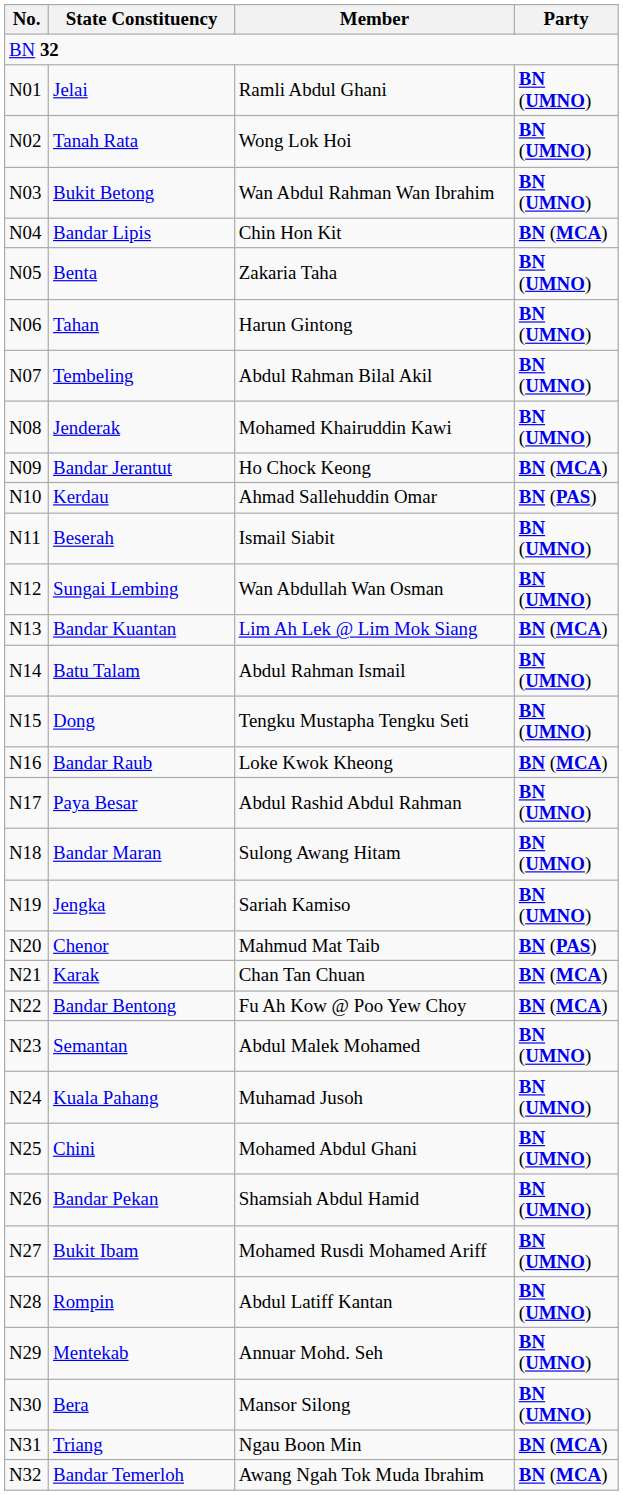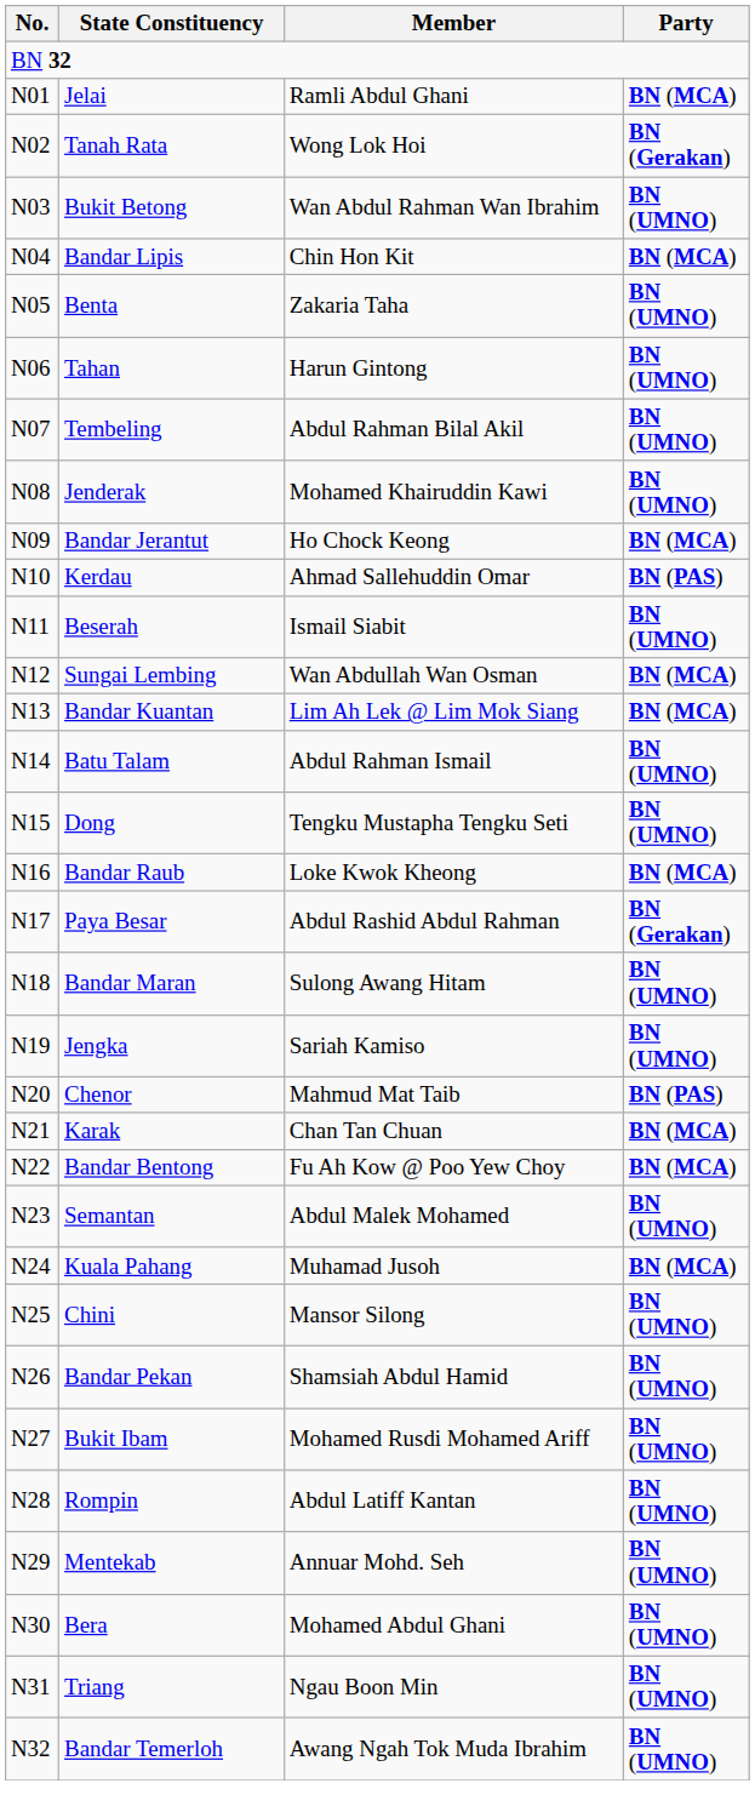 <table class="wikitable sortable">
 <tr>
 <th style="width:30px;">No.</th>
 <th style="width:150px;">State Constituency</th>
 <th style="width:230px;">Member</th>
 <th style="width:80px;">Party</th>
 </tr>
 <tr>
 <td colspan="4"><a href='#'>BN</a> <strong>32</strong></td>
 </tr>
 <tr>
 <td>N01</td>
 <td><a href='#'>Jelai</a></td>
 <td>Ramli Abdul Ghani</td>
-<td><strong><a href='#'>BN</a></strong> (<strong><a href='#'>UMNO</a></strong>)</td>
+<td><strong><a href='#'>BN</a></strong> (<strong><a href='#'>MCA</a></strong>)</td>
 </tr>
 <tr>
 <td>N02</td>
 <td><a href='#'>Tanah Rata</a></td>
 <td>Wong Lok Hoi</td>
-<td><strong><a href='#'>BN</a></strong> (<strong><a href='#'>UMNO</a></strong>)</td>
+<td><strong><a href='#'>BN</a></strong> (<strong><a href='#'>Gerakan</a></strong>)</td>
 </tr>
 <tr>
 <td>N03</td>
 <td><a href='#'>Bukit Betong</a></td>
 <td>Wan Abdul Rahman Wan Ibrahim</td>
 <td><strong><a href='#'>BN</a></strong> (<strong><a href='#'>UMNO</a></strong>)</td>
 </tr>
 <tr>
 <td>N04</td>
 <td><a href='#'>Bandar Lipis</a></td>
 <td>Chin Hon Kit</td>
 <td><strong><a href='#'>BN</a></strong> (<strong><a href='#'>MCA</a></strong>)</td>
 </tr>
 <tr>
 <td>N05</td>
 <td><a href='#'>Benta</a></td>
 <td>Zakaria Taha</td>
 <td><strong><a href='#'>BN</a></strong> (<strong><a href='#'>UMNO</a></strong>)</td>
 </tr>
 <tr>
 <td>N06</td>
 <td><a href='#'>Tahan</a></td>
 <td>Harun Gintong</td>
 <td><strong><a href='#'>BN</a></strong> (<strong><a href='#'>UMNO</a></strong>)</td>
 </tr>
 <tr>
 <td>N07</td>
 <td><a href='#'>Tembeling</a></td>
 <td>Abdul Rahman Bilal Akil</td>
 <td><strong><a href='#'>BN</a></strong> (<strong><a href='#'>UMNO</a></strong>)</td>
 </tr>
 <tr>
 <td>N08</td>
 <td><a href='#'>Jenderak</a></td>
 <td>Mohamed Khairuddin Kawi</td>
 <td><strong><a href='#'>BN</a></strong> (<strong><a href='#'>UMNO</a></strong>)</td>
 </tr>
 <tr>
 <td>N09</td>
 <td><a href='#'>Bandar Jerantut</a></td>
 <td>Ho Chock Keong</td>
 <td><strong><a href='#'>BN</a></strong> (<strong><a href='#'>MCA</a></strong>)</td>
 </tr>
 <tr>
 <td>N10</td>
 <td><a href='#'>Kerdau</a></td>
 <td>Ahmad Sallehuddin Omar</td>
 <td><strong><a href='#'>BN</a></strong> (<strong><a href='#'>PAS</a></strong>)</td>
 </tr>
 <tr>
 <td>N11</td>
 <td><a href='#'>Beserah</a></td>
 <td>Ismail Siabit</td>
 <td><strong><a href='#'>BN</a></strong> (<strong><a href='#'>UMNO</a></strong>)</td>
 </tr>
 <tr>
 <td>N12</td>
 <td><a href='#'>Sungai Lembing</a></td>
 <td>Wan Abdullah Wan Osman</td>
-<td><strong><a href='#'>BN</a></strong> (<strong><a href='#'>UMNO</a></strong>)</td>
+<td><strong><a href='#'>BN</a></strong> (<strong><a href='#'>MCA</a></strong>)</td>
 </tr>
 <tr>
 <td>N13</td>
 <td><a href='#'>Bandar Kuantan</a></td>
 <td><a href='#'>Lim Ah Lek @ Lim Mok Siang</a></td>
 <td><strong><a href='#'>BN</a></strong> (<strong><a href='#'>MCA</a></strong>)</td>
 </tr>
 <tr>
 <td>N14</td>
 <td><a href='#'>Batu Talam</a></td>
 <td>Abdul Rahman Ismail</td>
 <td><strong><a href='#'>BN</a></strong> (<strong><a href='#'>UMNO</a></strong>)</td>
 </tr>
 <tr>
 <td>N15</td>
 <td><a href='#'>Dong</a></td>
 <td>Tengku Mustapha Tengku Seti</td>
 <td><strong><a href='#'>BN</a></strong> (<strong><a href='#'>UMNO</a></strong>)</td>
 </tr>
 <tr>
 <td>N16</td>
 <td><a href='#'>Bandar Raub</a></td>
 <td>Loke Kwok Kheong</td>
 <td><strong><a href='#'>BN</a></strong> (<strong><a href='#'>MCA</a></strong>)</td>
 </tr>
 <tr>
 <td>N17</td>
 <td><a href='#'>Paya Besar</a></td>
 <td>Abdul Rashid Abdul Rahman</td>
-<td><strong><a href='#'>BN</a></strong> (<strong><a href='#'>UMNO</a></strong>)</td>
+<td><strong><a href='#'>BN</a></strong> (<strong><a href='#'>Gerakan</a></strong>)</td>
 </tr>
 <tr>
 <td>N18</td>
 <td><a href='#'>Bandar Maran</a></td>
 <td>Sulong Awang Hitam</td>
 <td><strong><a href='#'>BN</a></strong> (<strong><a href='#'>UMNO</a></strong>)</td>
 </tr>
 <tr>
 <td>N19</td>
 <td><a href='#'>Jengka</a></td>
 <td>Sariah Kamiso</td>
 <td><strong><a href='#'>BN</a></strong> (<strong><a href='#'>UMNO</a></strong>)</td>
 </tr>
 <tr>
 <td>N20</td>
 <td><a href='#'>Chenor</a></td>
 <td>Mahmud Mat Taib</td>
 <td><strong><a href='#'>BN</a></strong> (<strong><a href='#'>PAS</a></strong>)</td>
 </tr>
 <tr>
 <td>N21</td>
 <td><a href='#'>Karak</a></td>
 <td>Chan Tan Chuan</td>
 <td><strong><a href='#'>BN</a></strong> (<strong><a href='#'>MCA</a></strong>)</td>
 </tr>
 <tr>
 <td>N22</td>
 <td><a href='#'>Bandar Bentong</a></td>
 <td>Fu Ah Kow @ Poo Yew Choy</td>
 <td><strong><a href='#'>BN</a></strong> (<strong><a href='#'>MCA</a></strong>)</td>
 </tr>
 <tr>
 <td>N23</td>
 <td><a href='#'>Semantan</a></td>
 <td>Abdul Malek Mohamed</td>
 <td><strong><a href='#'>BN</a></strong> (<strong><a href='#'>UMNO</a></strong>)</td>
 </tr>
 <tr>
 <td>N24</td>
 <td><a href='#'>Kuala Pahang</a></td>
 <td>Muhamad Jusoh</td>
-<td><strong><a href='#'>BN</a></strong> (<strong><a href='#'>UMNO</a></strong>)</td>
+<td><strong><a href='#'>BN</a></strong> (<strong><a href='#'>MCA</a></strong>)</td>
 </tr>
 <tr>
 <td>N25</td>
 <td><a href='#'>Chini</a></td>
-<td>Mohamed Abdul Ghani</td>
+<td>Mansor Silong</td>
 <td><strong><a href='#'>BN</a></strong> (<strong><a href='#'>UMNO</a></strong>)</td>
 </tr>
 <tr>
 <td>N26</td>
 <td><a href='#'>Bandar Pekan</a></td>
 <td>Shamsiah Abdul Hamid</td>
 <td><strong><a href='#'>BN</a></strong> (<strong><a href='#'>UMNO</a></strong>)</td>
 </tr>
 <tr>
 <td>N27</td>
 <td><a href='#'>Bukit Ibam</a></td>
 <td>Mohamed Rusdi Mohamed Ariff</td>
 <td><strong><a href='#'>BN</a></strong> (<strong><a href='#'>UMNO</a></strong>)</td>
 </tr>
 <tr>
 <td>N28</td>
 <td><a href='#'>Rompin</a></td>
 <td>Abdul Latiff Kantan</td>
 <td><strong><a href='#'>BN</a></strong> (<strong><a href='#'>UMNO</a></strong>)</td>
 </tr>
 <tr>
 <td>N29</td>
 <td><a href='#'>Mentekab</a></td>
 <td>Annuar Mohd. Seh</td>
 <td><strong><a href='#'>BN</a></strong> (<strong><a href='#'>UMNO</a></strong>)</td>
 </tr>
 <tr>
 <td>N30</td>
 <td><a href='#'>Bera</a></td>
-<td>Mansor Silong</td>
+<td>Mohamed Abdul Ghani</td>
 <td><strong><a href='#'>BN</a></strong> (<strong><a href='#'>UMNO</a></strong>)</td>
 </tr>
 <tr>
 <td>N31</td>
 <td><a href='#'>Triang</a></td>
 <td>Ngau Boon Min</td>
-<td><strong><a href='#'>BN</a></strong> (<strong><a href='#'>MCA</a></strong>)</td>
+<td><strong><a href='#'>BN</a></strong> (<strong><a href='#'>UMNO</a></strong>)</td>
 </tr>
 <tr>
 <td>N32</td>
 <td><a href='#'>Bandar Temerloh</a></td>
 <td>Awang Ngah Tok Muda Ibrahim</td>
-<td><strong><a href='#'>BN</a></strong> (<strong><a href='#'>MCA</a></strong>)</td>
+<td><strong><a href='#'>BN</a></strong> (<strong><a href='#'>UMNO</a></strong>)</td>
 </tr>
 </table>
